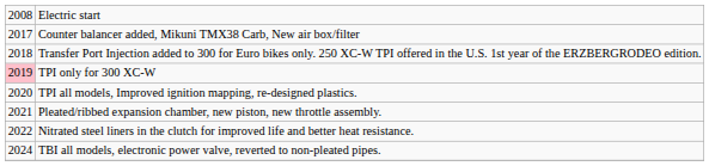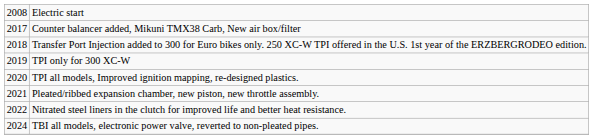 <table class="wikitable">
 <tr>
 <td>2008</td>
 <td>Electric start</td>
 </tr>
 <tr>
 <td>2017</td>
 <td>Counter balancer added, Mikuni TMX38 Carb, New air box/filter</td>
 </tr>
 <tr>
 <td>2018</td>
 <td>Transfer Port Injection added to 300 for Euro bikes only.  250 XC-W TPI offered in the U.S. 1st year of the ERZBERGRODEO edition.</td>
 </tr>
 <tr>
-<td style="background: pink;">2019</td>
+<td>2019</td>
 <td>TPI only for 300 XC-W</td>
 </tr>
 <tr>
 <td>2020</td>
 <td>TPI all models, Improved ignition mapping, re-designed plastics.</td>
 </tr>
 <tr>
 <td>2021</td>
 <td>Pleated/ribbed expansion chamber, new piston, new throttle assembly.</td>
 </tr>
 <tr>
 <td>2022</td>
 <td>Nitrated steel liners in the clutch for improved life and better heat resistance.</td>
 </tr>
 <tr>
 <td>2024</td>
 <td>TBI all models, electronic power valve, reverted to non-pleated pipes.</td>
 </tr>
 <tr>
 </tr>
 </table>
